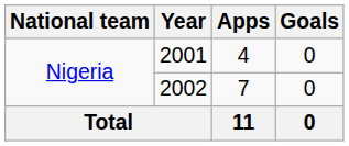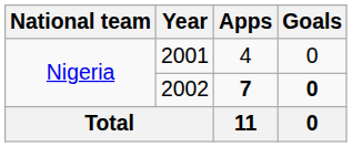 <table class="wikitable" style="text-align:center">
 <tr>
 <th>National team</th>
 <th>Year</th>
 <th>Apps</th>
 <th>Goals</th>
 </tr>
 <tr>
 <td rowspan="2"><a href='#'>Nigeria</a></td>
 <td>2001</td>
 <td>4</td>
 <td>0</td>
 </tr>
 <tr>
 <td>2002</td>
-<td>7</td>
-<td>0</td>
+<td><strong>7</strong></td>
+<td><strong>0</strong></td>
 </tr>
 <tr>
 <th colspan="2">Total</th>
 <th>11</th>
 <th>0</th>
 </tr>
 </table>
